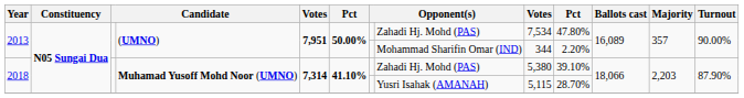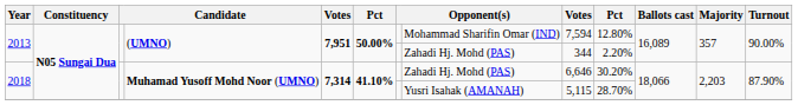 <table class="wikitable" style="margin:0.5em ; font-size:95%">
 <tr>
 <th>Year</th>
 <th>Constituency</th>
 <th colspan=2>Candidate</th>
 <th>Votes</th>
 <th>Pct</th>
 <th colspan=2>Opponent(s)</th>
 <th>Votes</th>
 <th>Pct</th>
 <th>Ballots cast</th>
 <th>Majority</th>
 <th>Turnout</th>
 </tr>
 <tr>
 <td rowspan="2"><a href='#'>2013</a></td>
 <td rowspan="4"><strong>N05 <a href='#'>Sungai Dua</a></strong></td>
 <td rowspan="2"></td>
 <td rowspan="2"> (<a href='#'><strong>UMNO</strong></a>)</td>
 <td rowspan="2" align=right><strong>7,951</strong></td>
 <td rowspan="2"><strong>50.00%</strong></td>
 <td></td>
-<td>Zahadi Hj. Mohd (<a href='#'>PAS</a>)</td>
-<td align="right">7,534</td>
-<td>47.80%</td>
+<td>Mohammad Sharifin Omar (<a href='#'>IND</a>)</td>
+<td align="right">7,594</td>
+<td>12.80%</td>
 <td rowspan="2">16,089</td>
 <td rowspan="2">357</td>
 <td rowspan="2">90.00%</td>
 </tr>
 <tr>
 <td></td>
-<td>Mohammad Sharifin Omar (<a href='#'>IND</a>)</td>
+<td>Zahadi Hj. Mohd (<a href='#'>PAS</a>)</td>
 <td align="right">344</td>
 <td align="right">2.20%</td>
 </tr>
 <tr>
 <td rowspan="2"><a href='#'>2018</a></td>
 <td rowspan="2" ></td>
 <td rowspan="2"><strong>Muhamad Yusoff Mohd Noor</strong> (<a href='#'><strong>UMNO</strong></a>)</td>
 <td rowspan="2" align=right><strong>7,314</strong></td>
 <td rowspan="2"><strong>41.10%</strong></td>
 <td></td>
 <td>Zahadi Hj. Mohd (<a href='#'>PAS</a>)</td>
-<td align="right">5,380</td>
-<td>39.10%</td>
+<td align="right">6,646</td>
+<td>30.20%</td>
 <td rowspan="2">18,066</td>
 <td rowspan="2">2,203</td>
 <td rowspan="2">87.90%</td>
 </tr>
 <tr>
 <td></td>
 <td>Yusri Isahak  (<a href='#'>AMANAH</a>)</td>
 <td align="right">5,115</td>
 <td>28.70%</td>
 </tr>
 <tr>
 </tr>
 </table>
